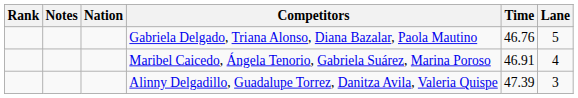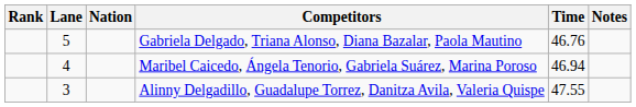 <table class="wikitable sortable" style="text-align:center; font-size:95%">
 <tr>
 <th>Rank</th>
-<th>Notes</th>
+<th>Lane</th>
 <th>Nation</th>
 <th>Competitors</th>
 <th>Time</th>
-<th>Lane</th>
+<th>Notes</th>
 </tr>
 <tr>
 <td></td>
-<td></td>
+<td>5</td>
 <td align=left></td>
 <td align=left><a href='#'>Gabriela Delgado</a>, <a href='#'>Triana Alonso</a>, <a href='#'>Diana Bazalar</a>, <a href='#'>Paola Mautino</a></td>
 <td>46.76</td>
-<td>5</td>
+<td></td>
 </tr>
 <tr>
 <td></td>
-<td></td>
+<td>4</td>
 <td align=left></td>
 <td align=left><a href='#'>Maribel Caicedo</a>, <a href='#'>Ángela Tenorio</a>, <a href='#'>Gabriela Suárez</a>, <a href='#'>Marina Poroso</a></td>
-<td>46.91</td>
-<td>4</td>
+<td>46.94</td>
+<td></td>
 </tr>
 <tr>
 <td></td>
-<td></td>
+<td>3</td>
 <td align=left></td>
 <td align=left><a href='#'>Alinny Delgadillo</a>, <a href='#'>Guadalupe Torrez</a>, <a href='#'>Danitza Avila</a>, <a href='#'>Valeria Quispe</a></td>
-<td>47.39</td>
-<td>3</td>
+<td>47.55</td>
+<td></td>
 </tr>
 </table>
